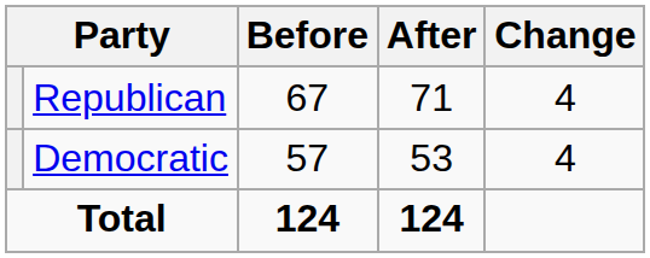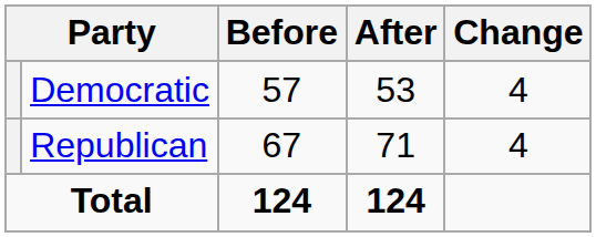 <table class="wikitable" style="text-align:center;">
 <tr>
 <th colspan="2">Party</th>
 <th>Before</th>
 <th>After</th>
 <th>Change</th>
 </tr>
 <tr>
 <th style="background-color:"></th>
-<td style="text-align:left;"><a href='#'>Republican</a></td>
-<td>67</td>
-<td>71</td>
+<td style="text-align:left;"><a href='#'>Democratic</a></td>
+<td>57</td>
+<td>53</td>
 <td> 4</td>
 </tr>
 <tr>
 <th style="background-color:"></th>
-<td style="text-align:left;"><a href='#'>Democratic</a></td>
-<td>57</td>
-<td>53</td>
+<td style="text-align:left;"><a href='#'>Republican</a></td>
+<td>67</td>
+<td>71</td>
 <td> 4</td>
 </tr>
 <tr>
 <td colspan="2"><strong>Total</strong></td>
 <td><strong>124</strong></td>
 <td><strong>124</strong></td>
 <td></td>
 </tr>
 </table>
